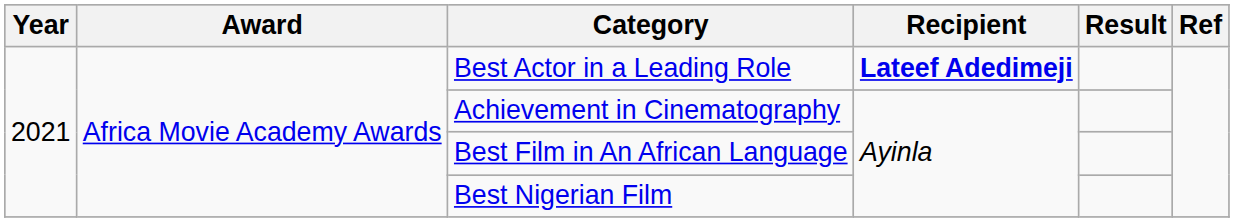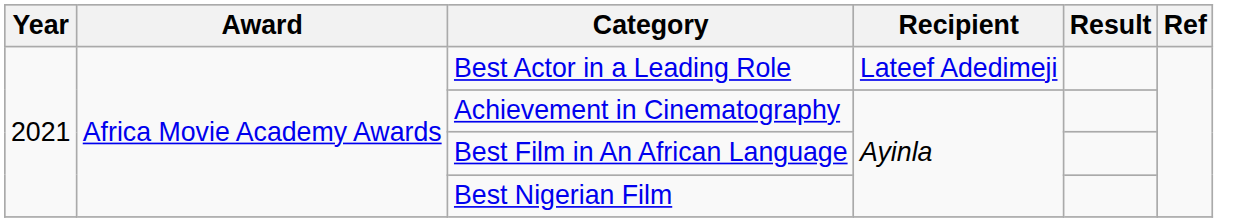 <table class="wikitable">
 <tr>
 <th>Year</th>
 <th>Award</th>
 <th>Category</th>
 <th>Recipient</th>
 <th>Result</th>
 <th>Ref</th>
 </tr>
 <tr>
 <td rowspan="4">2021</td>
 <td rowspan="4"><a href='#'>Africa Movie Academy Awards</a></td>
 <td><a href='#'>Best Actor in a Leading Role</a></td>
-<td><strong><a href='#'>Lateef Adedimeji</a></strong></td>
+<td><a href='#'>Lateef Adedimeji</a></td>
 <td></td>
 <td rowspan="4"></td>
 </tr>
 <tr>
 <td><a href='#'>Achievement in Cinematography</a></td>
 <td rowspan="3"><em>Ayinla</em></td>
 <td></td>
 </tr>
 <tr>
 <td><a href='#'>Best Film in An African Language</a></td>
 <td></td>
 </tr>
 <tr>
 <td><a href='#'>Best Nigerian Film</a></td>
 <td></td>
 </tr>
 </table>
